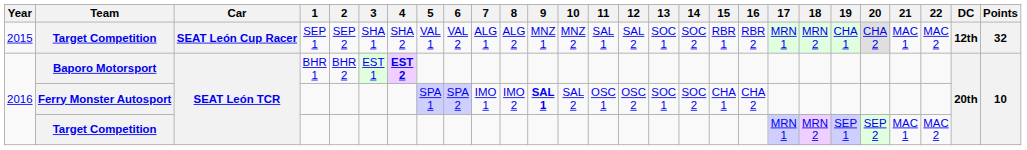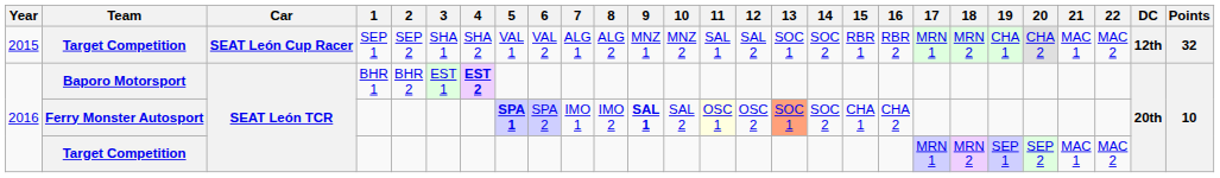 <table class="wikitable" style="text-align:center; font-size:85%">
 <tr>
 <th>Year</th>
 <th>Team</th>
 <th>Car</th>
 <th>1</th>
 <th>2</th>
 <th>3</th>
 <th>4</th>
 <th>5</th>
 <th>6</th>
 <th>7</th>
 <th>8</th>
 <th>9</th>
 <th>10</th>
 <th>11</th>
 <th>12</th>
 <th>13</th>
 <th>14</th>
 <th>15</th>
 <th>16</th>
 <th>17</th>
 <th>18</th>
 <th>19</th>
 <th>20</th>
 <th>21</th>
 <th>22</th>
 <th>DC</th>
 <th>Points</th>
 </tr>
 <tr>
 <td><a href='#'>2015</a></td>
 <th><a href='#'>Target Competition</a></th>
 <th><a href='#'>SEAT León Cup Racer</a></th>
 <td style="background:#;"><a href='#'>SEP<br>1</a></td>
 <td style="background:#;"><a href='#'>SEP<br>2</a></td>
 <td style="background:#;"><a href='#'>SHA<br>1</a></td>
 <td style="background:#;"><a href='#'>SHA<br>2</a></td>
 <td style="background:#;"><a href='#'>VAL<br>1</a></td>
 <td style="background:#;"><a href='#'>VAL<br>2</a></td>
 <td style="background:#;"><a href='#'>ALG<br>1</a></td>
 <td style="background:#;"><a href='#'>ALG<br>2</a></td>
 <td style="background:#;"><a href='#'>MNZ<br>1</a></td>
 <td style="background:#;"><a href='#'>MNZ<br>2</a></td>
 <td style="background:#;"><a href='#'>SAL<br>1</a></td>
 <td style="background:#;"><a href='#'>SAL<br>2</a></td>
 <td style="background:#;"><a href='#'>SOC<br>1</a></td>
 <td style="background:#;"><a href='#'>SOC<br>2</a></td>
 <td style="background:#;"><a href='#'>RBR<br>1</a></td>
 <td style="background:#;"><a href='#'>RBR<br>2</a></td>
 <td style="background:#DFFFDF;"><a href='#'>MRN<br>1</a><br></td>
 <td style="background:#DFFFDF;"><a href='#'>MRN<br>2</a><br></td>
 <td style="background:#DFFFDF;"><a href='#'>CHA<br>1</a><br></td>
 <td style="background:#DFDFDF;"><a href='#'>CHA<br>2</a><br></td>
 <td style="background:#;"><a href='#'>MAC<br>1</a></td>
 <td style="background:#;"><a href='#'>MAC<br>2</a></td>
 <th>12th</th>
 <th>32</th>
 </tr>
 <tr>
 <td rowspan=3><a href='#'>2016</a></td>
 <th><a href='#'>Baporo Motorsport</a></th>
 <th rowspan=3><a href='#'>SEAT León TCR</a></th>
 <td><a href='#'>BHR<br>1</a></td>
 <td><a href='#'>BHR<br>2</a></td>
 <td style="background:#DFFFDF;"><a href='#'>EST<br>1</a><br></td>
 <td style="background:#EFCFFF;"><strong><a href='#'>EST<br>2</a></strong><br></td>
 <td></td>
 <td></td>
 <td></td>
 <td></td>
 <td></td>
 <td></td>
 <td></td>
 <td></td>
 <td></td>
 <td></td>
 <td></td>
 <td></td>
 <td></td>
 <td></td>
 <td></td>
 <td></td>
 <td></td>
 <td></td>
 <th rowspan=3>20th</th>
 <th rowspan=3>10</th>
 </tr>
 <tr>
 <th><a href='#'>Ferry Monster Autosport</a></th>
 <td></td>
 <td></td>
 <td></td>
 <td></td>
-<td style="background:#CFCFFF;"><a href='#'>SPA<br>1</a><br></td>
+<td style="background:#CFCFFF;"><strong><a href='#'>SPA<br>1</a><br></strong></td>
 <td style="background:#CFCFFF;"><a href='#'>SPA<br>2</a><br></td>
 <td><a href='#'>IMO<br>1</a></td>
 <td><a href='#'>IMO<br>2</a></td>
 <td><strong><a href='#'>SAL<br>1</a></strong></td>
 <td><a href='#'>SAL<br>2</a></td>
-<td><a href='#'>OSC<br>1</a></td>
+<td style="background: lightyellow;"><a href='#'>OSC<br>1</a></td>
 <td><a href='#'>OSC<br>2</a></td>
-<td><a href='#'>SOC<br>1</a></td>
+<td style="background: lightsalmon;"><a href='#'>SOC<br>1</a></td>
 <td><a href='#'>SOC<br>2</a></td>
 <td><a href='#'>CHA<br>1</a></td>
 <td><a href='#'>CHA<br>2</a></td>
 <td></td>
 <td></td>
 <td></td>
 <td></td>
 <td></td>
 <td></td>
 </tr>
 <tr>
 <th><a href='#'>Target Competition</a></th>
 <td></td>
 <td></td>
 <td></td>
 <td></td>
 <td></td>
 <td></td>
 <td></td>
 <td></td>
 <td></td>
 <td></td>
 <td></td>
 <td></td>
 <td></td>
 <td></td>
 <td></td>
 <td></td>
 <td style="background:#CFCFFF;"><a href='#'>MRN<br>1</a><br></td>
 <td style="background:#EFCFFF;"><a href='#'>MRN<br>2</a><br></td>
 <td style="background:#CFCFFF;"><a href='#'>SEP<br>1</a><br></td>
 <td style="background:#DFFFDF;"><a href='#'>SEP<br>2</a><br></td>
 <td><a href='#'>MAC<br>1</a></td>
 <td><a href='#'>MAC<br>2</a></td>
 </tr>
 </table>
